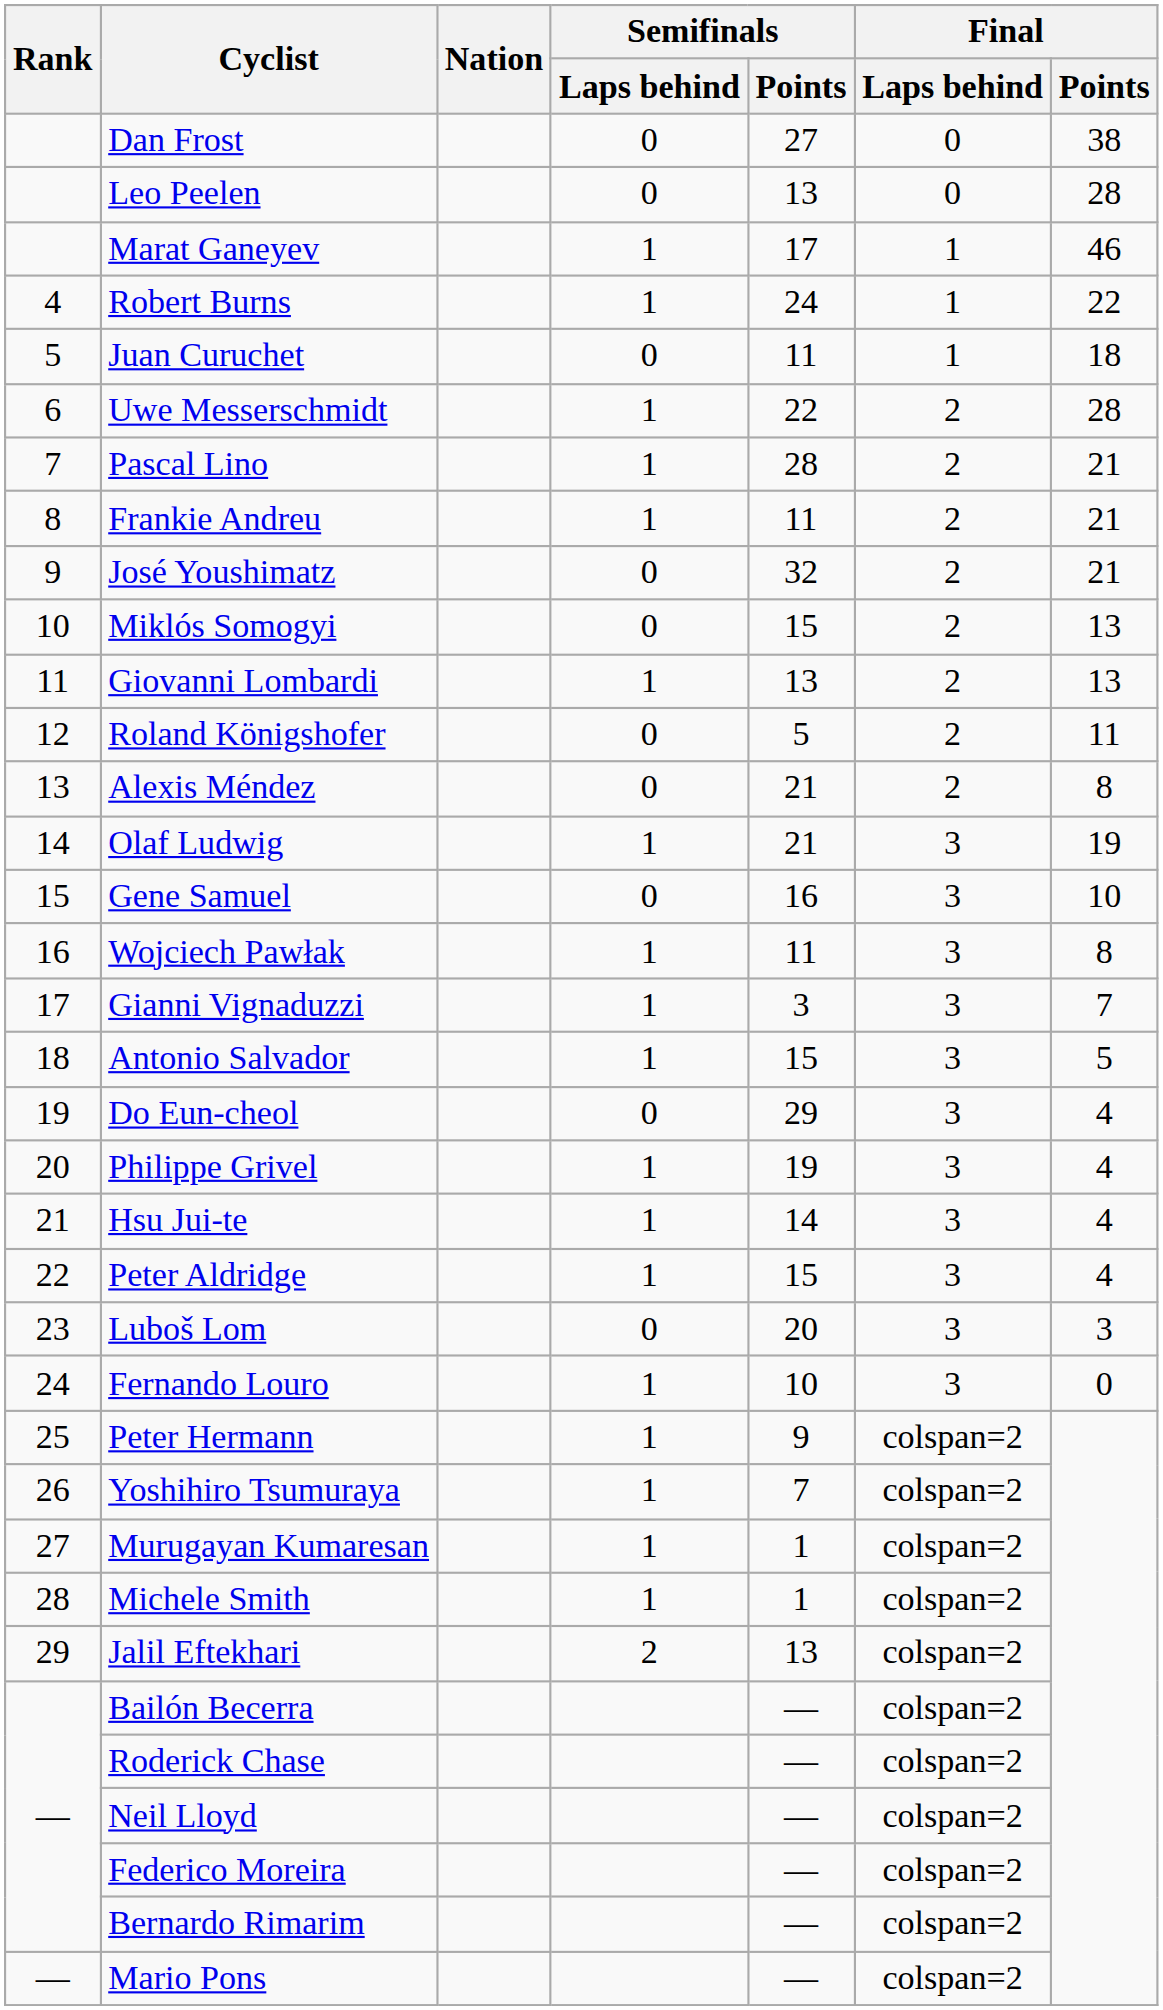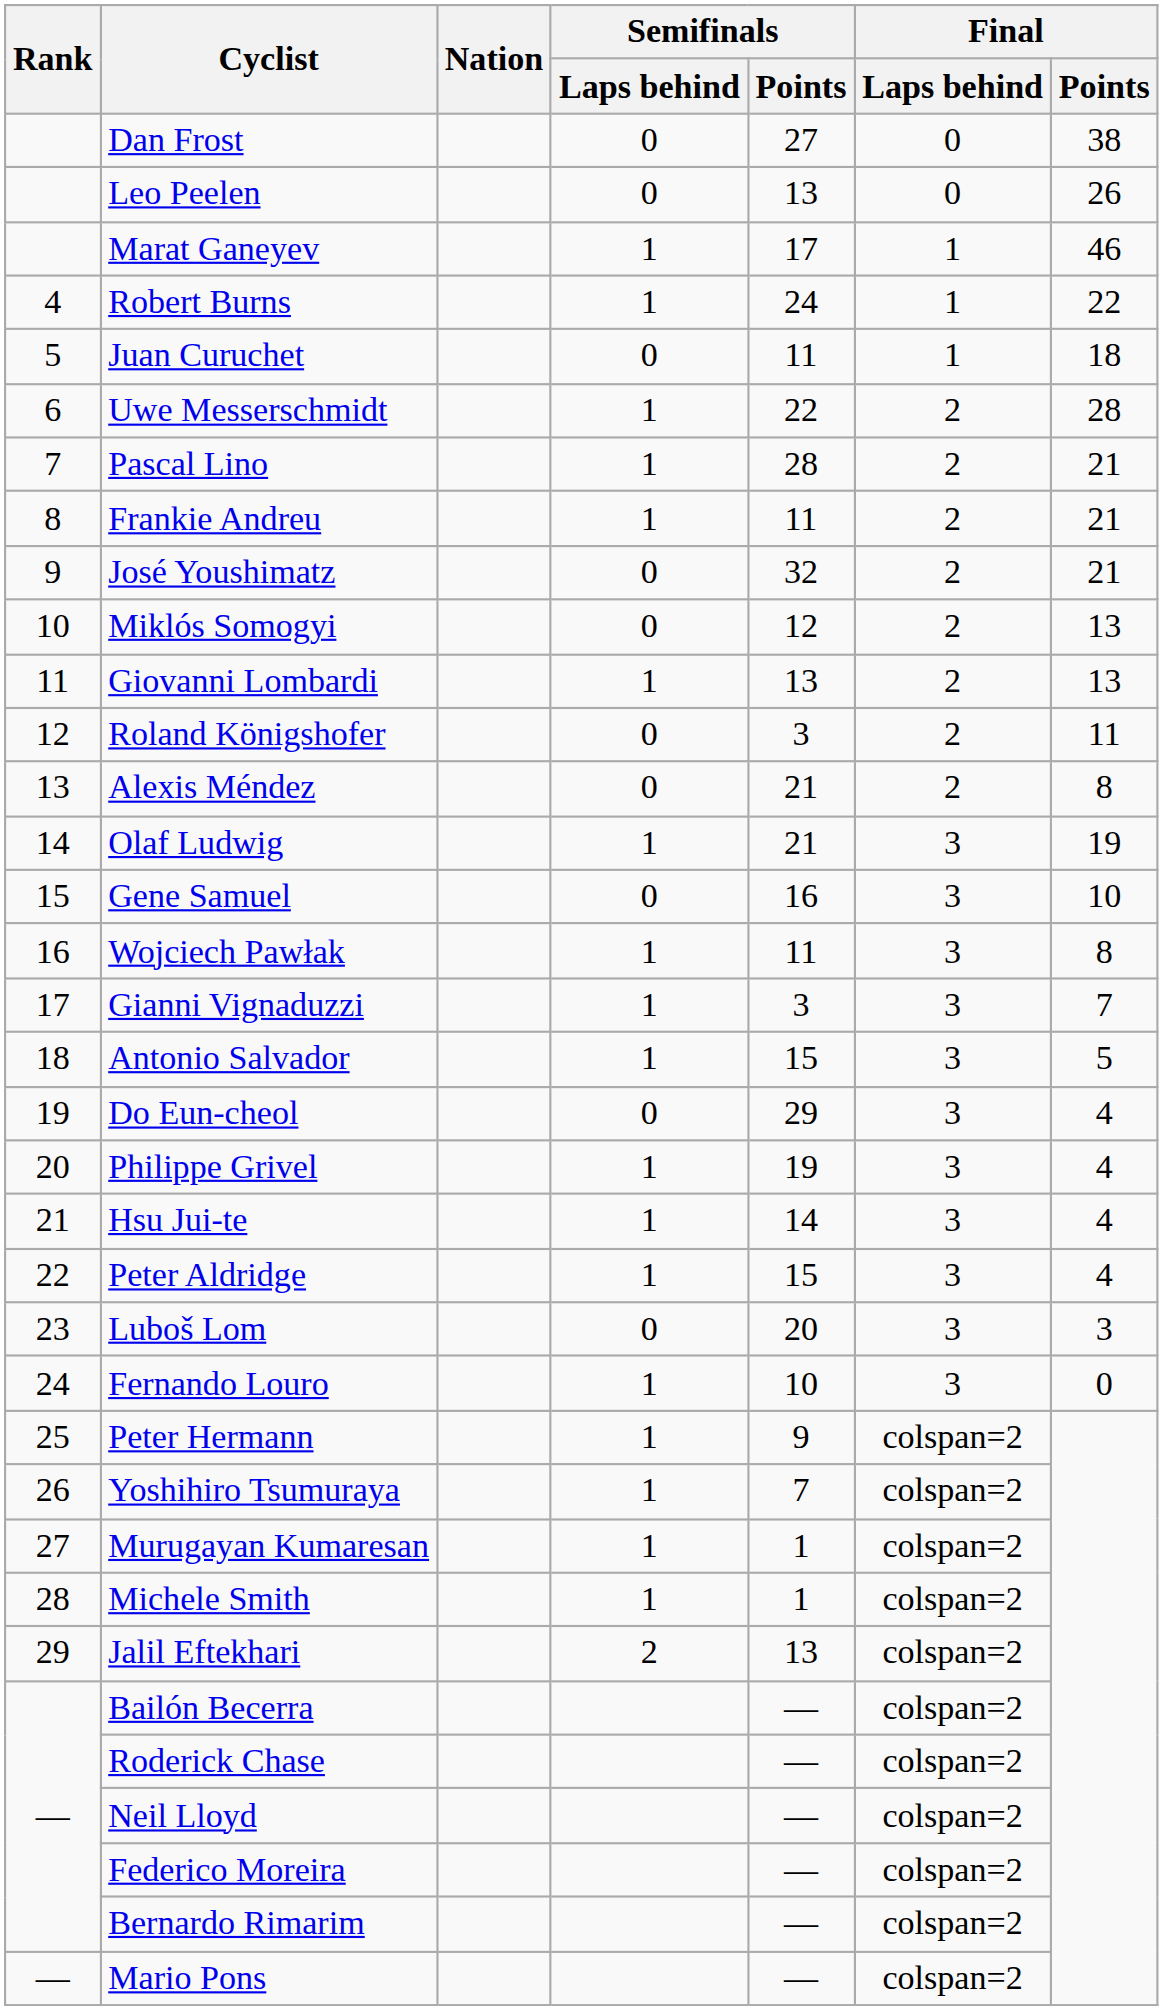 <table class="wikitable sortable" style="text-align:center">
 <tr>
 <th rowspan=2>Rank</th>
 <th rowspan=2>Cyclist</th>
 <th rowspan=2>Nation</th>
 <th colspan=2>Semifinals</th>
 <th colspan=2>Final</th>
 </tr>
 <tr>
 <th>Laps behind</th>
 <th>Points</th>
 <th>Laps behind</th>
 <th>Points</th>
 </tr>
 <tr>
 <td></td>
 <td align=left><a href='#'>Dan Frost</a></td>
 <td align=left></td>
 <td>0</td>
 <td>27</td>
 <td>0</td>
 <td>38</td>
 </tr>
 <tr>
 <td></td>
 <td align=left><a href='#'>Leo Peelen</a></td>
 <td align=left></td>
 <td>0</td>
 <td>13</td>
 <td>0</td>
-<td>28</td>
+<td>26</td>
 </tr>
 <tr>
 <td></td>
 <td align=left><a href='#'>Marat Ganeyev</a></td>
 <td align=left></td>
 <td>1</td>
 <td>17</td>
 <td>1</td>
 <td>46</td>
 </tr>
 <tr>
 <td>4</td>
 <td align=left><a href='#'>Robert Burns</a></td>
 <td align=left></td>
 <td>1</td>
 <td>24</td>
 <td>1</td>
 <td>22</td>
 </tr>
 <tr>
 <td>5</td>
 <td align=left><a href='#'>Juan Curuchet</a></td>
 <td align=left></td>
 <td>0</td>
 <td>11</td>
 <td>1</td>
 <td>18</td>
 </tr>
 <tr>
 <td>6</td>
 <td align=left><a href='#'>Uwe Messerschmidt</a></td>
 <td align=left></td>
 <td>1</td>
 <td>22</td>
 <td>2</td>
 <td>28</td>
 </tr>
 <tr>
 <td>7</td>
 <td align=left><a href='#'>Pascal Lino</a></td>
 <td align=left></td>
 <td>1</td>
 <td>28</td>
 <td>2</td>
 <td>21</td>
 </tr>
 <tr>
 <td>8</td>
 <td align=left><a href='#'>Frankie Andreu</a></td>
 <td align=left></td>
 <td>1</td>
 <td>11</td>
 <td>2</td>
 <td>21</td>
 </tr>
 <tr>
 <td>9</td>
 <td align=left><a href='#'>José Youshimatz</a></td>
 <td align=left></td>
 <td>0</td>
 <td>32</td>
 <td>2</td>
 <td>21</td>
 </tr>
 <tr>
 <td>10</td>
 <td align=left><a href='#'>Miklós Somogyi</a></td>
 <td align=left></td>
 <td>0</td>
-<td>15</td>
+<td>12</td>
 <td>2</td>
 <td>13</td>
 </tr>
 <tr>
 <td>11</td>
 <td align=left><a href='#'>Giovanni Lombardi</a></td>
 <td align=left></td>
 <td>1</td>
 <td>13</td>
 <td>2</td>
 <td>13</td>
 </tr>
 <tr>
 <td>12</td>
 <td align=left><a href='#'>Roland Königshofer</a></td>
 <td align=left></td>
 <td>0</td>
-<td>5</td>
+<td>3</td>
 <td>2</td>
 <td>11</td>
 </tr>
 <tr>
 <td>13</td>
 <td align=left><a href='#'>Alexis Méndez</a></td>
 <td align=left></td>
 <td>0</td>
 <td>21</td>
 <td>2</td>
 <td>8</td>
 </tr>
 <tr>
 <td>14</td>
 <td align=left><a href='#'>Olaf Ludwig</a></td>
 <td align=left></td>
 <td>1</td>
 <td>21</td>
 <td>3</td>
 <td>19</td>
 </tr>
 <tr>
 <td>15</td>
 <td align=left><a href='#'>Gene Samuel</a></td>
 <td align=left></td>
 <td>0</td>
 <td>16</td>
 <td>3</td>
 <td>10</td>
 </tr>
 <tr>
 <td>16</td>
 <td align=left><a href='#'>Wojciech Pawłak</a></td>
 <td align=left></td>
 <td>1</td>
 <td>11</td>
 <td>3</td>
 <td>8</td>
 </tr>
 <tr>
 <td>17</td>
 <td align=left><a href='#'>Gianni Vignaduzzi</a></td>
 <td align=left></td>
 <td>1</td>
 <td>3</td>
 <td>3</td>
 <td>7</td>
 </tr>
 <tr>
 <td>18</td>
 <td align=left><a href='#'>Antonio Salvador</a></td>
 <td align=left></td>
 <td>1</td>
 <td>15</td>
 <td>3</td>
 <td>5</td>
 </tr>
 <tr>
 <td>19</td>
 <td align=left><a href='#'>Do Eun-cheol</a></td>
 <td align=left></td>
 <td>0</td>
 <td>29</td>
 <td>3</td>
 <td>4</td>
 </tr>
 <tr>
 <td>20</td>
 <td align=left><a href='#'>Philippe Grivel</a></td>
 <td align=left></td>
 <td>1</td>
 <td>19</td>
 <td>3</td>
 <td>4</td>
 </tr>
 <tr>
 <td>21</td>
 <td align=left><a href='#'>Hsu Jui-te</a></td>
 <td align=left></td>
 <td>1</td>
 <td>14</td>
 <td>3</td>
 <td>4</td>
 </tr>
 <tr>
 <td>22</td>
 <td align=left><a href='#'>Peter Aldridge</a></td>
 <td align=left></td>
 <td>1</td>
 <td>15</td>
 <td>3</td>
 <td>4</td>
 </tr>
 <tr>
 <td>23</td>
 <td align=left><a href='#'>Luboš Lom</a></td>
 <td align=left></td>
 <td>0</td>
 <td>20</td>
 <td>3</td>
 <td>3</td>
 </tr>
 <tr>
 <td>24</td>
 <td align=left><a href='#'>Fernando Louro</a></td>
 <td align=left></td>
 <td>1</td>
 <td>10</td>
 <td>3</td>
 <td>0</td>
 </tr>
 <tr>
 <td>25</td>
 <td align=left><a href='#'>Peter Hermann</a></td>
 <td align=left></td>
 <td>1</td>
 <td>9</td>
 <td>colspan=2 </td>
 </tr>
 <tr>
 <td>26</td>
 <td align=left><a href='#'>Yoshihiro Tsumuraya</a></td>
 <td align=left></td>
 <td>1</td>
 <td>7</td>
 <td>colspan=2 </td>
 </tr>
 <tr>
 <td>27</td>
 <td align=left><a href='#'>Murugayan Kumaresan</a></td>
 <td align=left></td>
 <td>1</td>
 <td>1</td>
 <td>colspan=2 </td>
 </tr>
 <tr>
 <td>28</td>
 <td align=left><a href='#'>Michele Smith</a></td>
 <td align=left></td>
 <td>1</td>
 <td>1</td>
 <td>colspan=2 </td>
 </tr>
 <tr>
 <td>29</td>
 <td align=left><a href='#'>Jalil Eftekhari</a></td>
 <td align=left></td>
 <td>2</td>
 <td>13</td>
 <td>colspan=2 </td>
 </tr>
 <tr>
 <td rowspan=5 data-sort-value=30>—</td>
 <td align=left><a href='#'>Bailón Becerra</a></td>
 <td align=left></td>
 <td data-sort-value=9></td>
 <td data-sort-value=0>—</td>
 <td>colspan=2 </td>
 </tr>
 <tr>
 <td align=left><a href='#'>Roderick Chase</a></td>
 <td align=left></td>
 <td data-sort-value=9></td>
 <td data-sort-value=0>—</td>
 <td>colspan=2 </td>
 </tr>
 <tr>
 <td align=left><a href='#'>Neil Lloyd</a></td>
 <td align=left></td>
 <td data-sort-value=9></td>
 <td data-sort-value=0>—</td>
 <td>colspan=2 </td>
 </tr>
 <tr>
 <td align=left><a href='#'>Federico Moreira</a></td>
 <td align=left></td>
 <td data-sort-value=9></td>
 <td data-sort-value=0>—</td>
 <td>colspan=2 </td>
 </tr>
 <tr>
 <td align=left><a href='#'>Bernardo Rimarim</a></td>
 <td align=left></td>
 <td data-sort-value=9></td>
 <td data-sort-value=0>—</td>
 <td>colspan=2 </td>
 </tr>
 <tr>
 <td data-sort-value=31>—</td>
 <td align=left><a href='#'>Mario Pons</a></td>
 <td align=left></td>
 <td data-sort-value=10></td>
 <td data-sort-value=0>—</td>
 <td>colspan=2 </td>
 </tr>
 </table>
